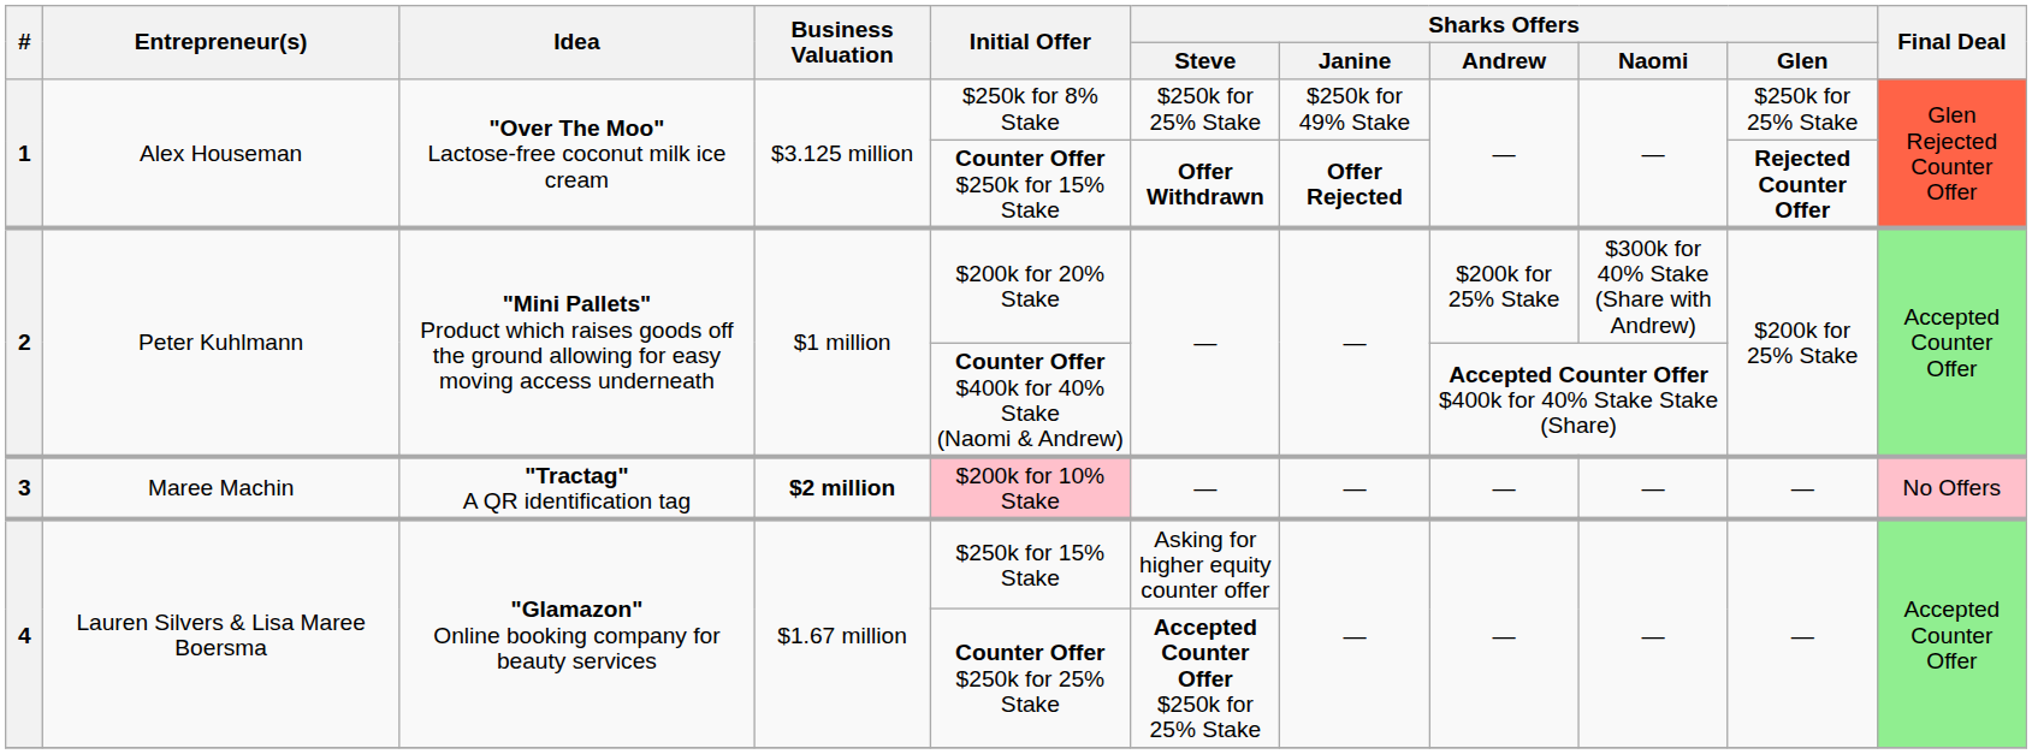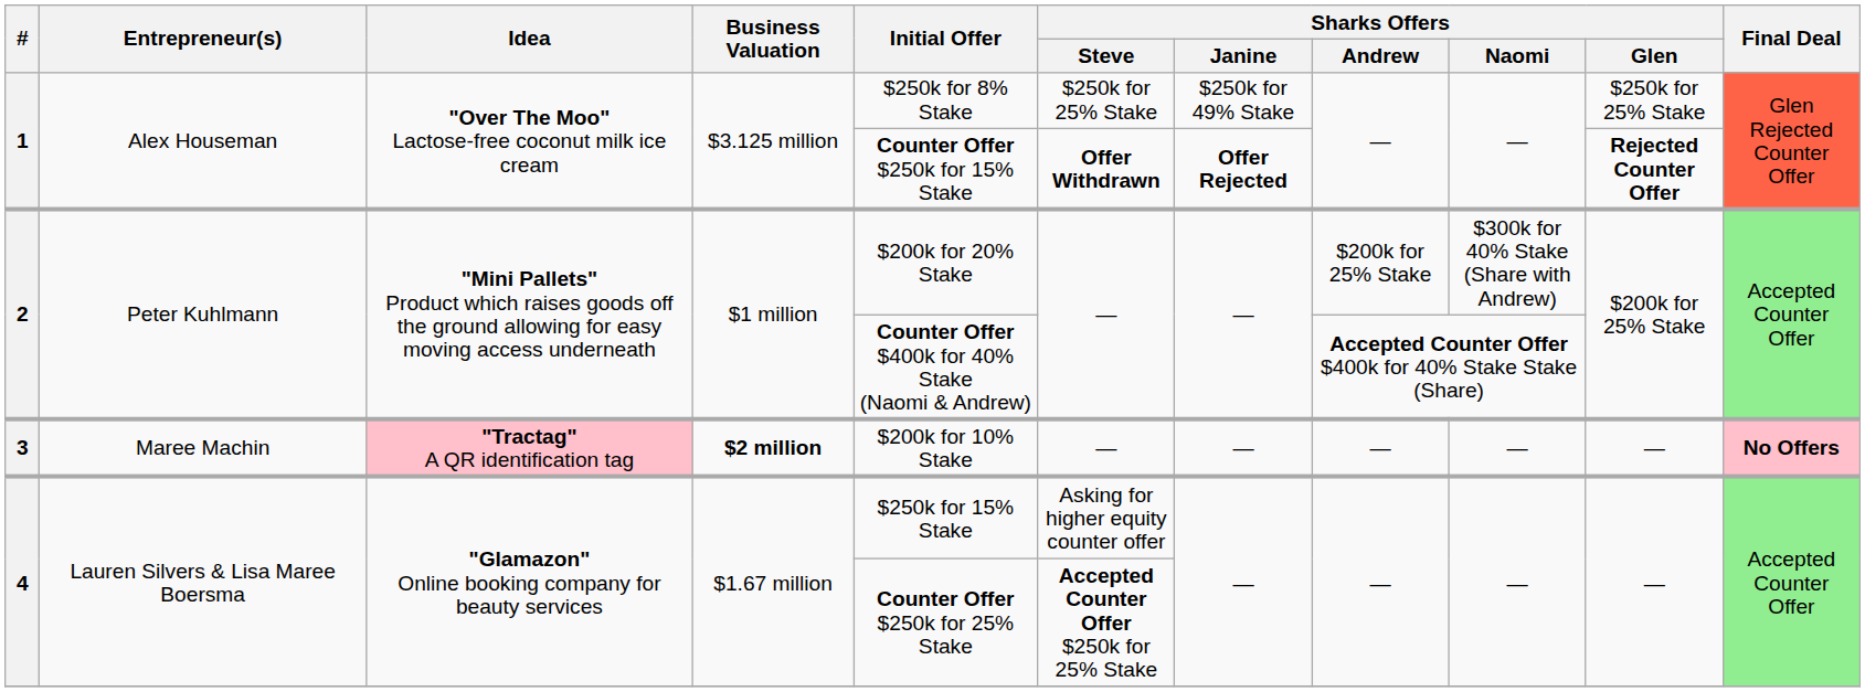 <table class="wikitable plainrowheaders" style="font-size:90%; text-align:center; width: 100%; margin-left: auto; margin-right: auto;">
 <tr>
 <th scope="col" bgcolor="lightgrey" rowspan="2" width="15" align="center">#</th>
 <th scope="col" bgcolor="lightgrey" rowspan="2" width="200" align="center">Entrepreneur(s)</th>
 <th scope="col" bgcolor="lightgrey" rowspan="2" width="200" align="center">Idea</th>
 <th scope="col" bgcolor="lightgrey" rowspan="2" width="95" align="center">Business Valuation</th>
 <th scope="col" bgcolor="lightgrey" rowspan="2" width="110" align="center">Initial Offer</th>
 <th scope="col" bgcolor="lightgrey" colspan="5">Sharks Offers</th>
 <th scope="col" bgcolor="lightgrey" rowspan="2" width="80" align="center">Final Deal</th>
 </tr>
 <tr>
 <th width="80" align="center"><strong>Steve</strong></th>
 <th width="80" align="center"><strong>Janine</strong></th>
 <th width="80" align="center"><strong>Andrew</strong></th>
 <th width="80" align="center"><strong>Naomi</strong></th>
 <th width="80" align="center"><strong>Glen</strong></th>
 </tr>
 <tr>
 <th rowspan="2">1</th>
 <td rowspan="2">Alex Houseman</td>
 <td rowspan="2"><strong>"Over The Moo"</strong><br> Lactose-free coconut milk ice cream</td>
 <td rowspan="2">$3.125 million</td>
 <td>$250k for 8% Stake</td>
 <td>$250k for 25% Stake</td>
 <td>$250k for 49% Stake</td>
 <td rowspan="2">—</td>
 <td rowspan="2">—</td>
 <td>$250k for 25% Stake</td>
 <td rowspan="2" bgcolor="tomato">Glen Rejected Counter Offer</td>
 </tr>
 <tr>
 <td><strong>Counter Offer</strong><br>$250k for 15% Stake</td>
 <td><strong>Offer Withdrawn</strong></td>
 <td><strong>Offer Rejected</strong></td>
 <td><strong>Rejected Counter Offer</strong></td>
 </tr>
 <tr>
 </tr>
 <tr style="border-top:3px solid #aaa;">
 <th rowspan="2">2</th>
 <td rowspan="2">Peter Kuhlmann</td>
 <td rowspan="2"><strong>"Mini Pallets"</strong><br>Product which raises goods off the ground allowing for easy moving access underneath</td>
 <td rowspan="2">$1 million</td>
 <td>$200k for 20% Stake</td>
 <td rowspan="2">—</td>
 <td rowspan="2">—</td>
 <td>$200k for 25% Stake</td>
 <td>$300k for 40% Stake (Share with Andrew)</td>
 <td rowspan="2">$200k for 25% Stake</td>
 <td rowspan="2" bgcolor="lightgreen">Accepted Counter Offer</td>
 </tr>
 <tr>
 <td><strong>Counter Offer</strong><br>$400k for 40% Stake <br>(Naomi & Andrew)</td>
 <td colspan="2"><strong>Accepted Counter Offer</strong><br> $400k for 40% Stake Stake (Share)</td>
 </tr>
 <tr>
 </tr>
 <tr style="border-top:3px solid #aaa;">
 <th>3</th>
 <td>Maree Machin</td>
-<td><strong>"Tractag"</strong><br> A QR identification tag</td>
+<td style="background: pink;"><strong>"Tractag"</strong><br> A QR identification tag</td>
 <td><strong>$2 million</strong></td>
-<td style="background: pink;">$200k for 10% Stake</td>
+<td>$200k for 10% Stake</td>
 <td>—</td>
 <td>—</td>
 <td>—</td>
 <td>—</td>
 <td>—</td>
-<td bgcolor="pink">No Offers</td>
+<td bgcolor="pink"><strong>No Offers</strong></td>
 </tr>
 <tr>
 </tr>
 <tr style="border-top:3px solid #aaa;">
 <th rowspan="2">4</th>
 <td rowspan="2">Lauren Silvers & Lisa Maree Boersma</td>
 <td rowspan="2"><strong>"Glamazon"</strong><br> Online booking company for beauty services</td>
 <td rowspan="2">$1.67 million</td>
 <td>$250k for 15% Stake</td>
 <td>Asking for higher equity counter offer</td>
 <td rowspan="2">—</td>
 <td rowspan="2">—</td>
 <td rowspan="2">—</td>
 <td rowspan="2">—</td>
 <td rowspan="2" bgcolor="lightgreen">Accepted Counter Offer</td>
 </tr>
 <tr>
 <td><strong>Counter Offer</strong><br>$250k for 25% Stake</td>
 <td><strong>Accepted Counter Offer</strong><br> $250k for 25% Stake</td>
 </tr>
 <tr>
 </tr>
 </table>
